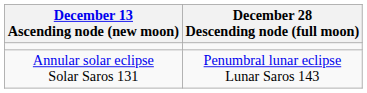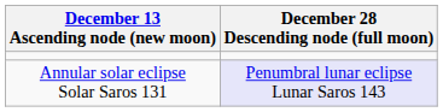 <table class="wikitable">
 <tr>
 <th><a href='#'>December 13</a><br>Ascending node (new moon)</th>
 <th>December 28<br>Descending node (full moon)</th>
 </tr>
 <tr>
 <td></td>
 <td></td>
 </tr>
 <tr align=center>
 <td><a href='#'>Annular solar eclipse</a><br>Solar Saros 131</td>
-<td><a href='#'>Penumbral lunar eclipse</a><br>Lunar Saros 143</td>
+<td style="background: lavender;"><a href='#'>Penumbral lunar eclipse</a><br>Lunar Saros 143</td>
 </tr>
 </table>
